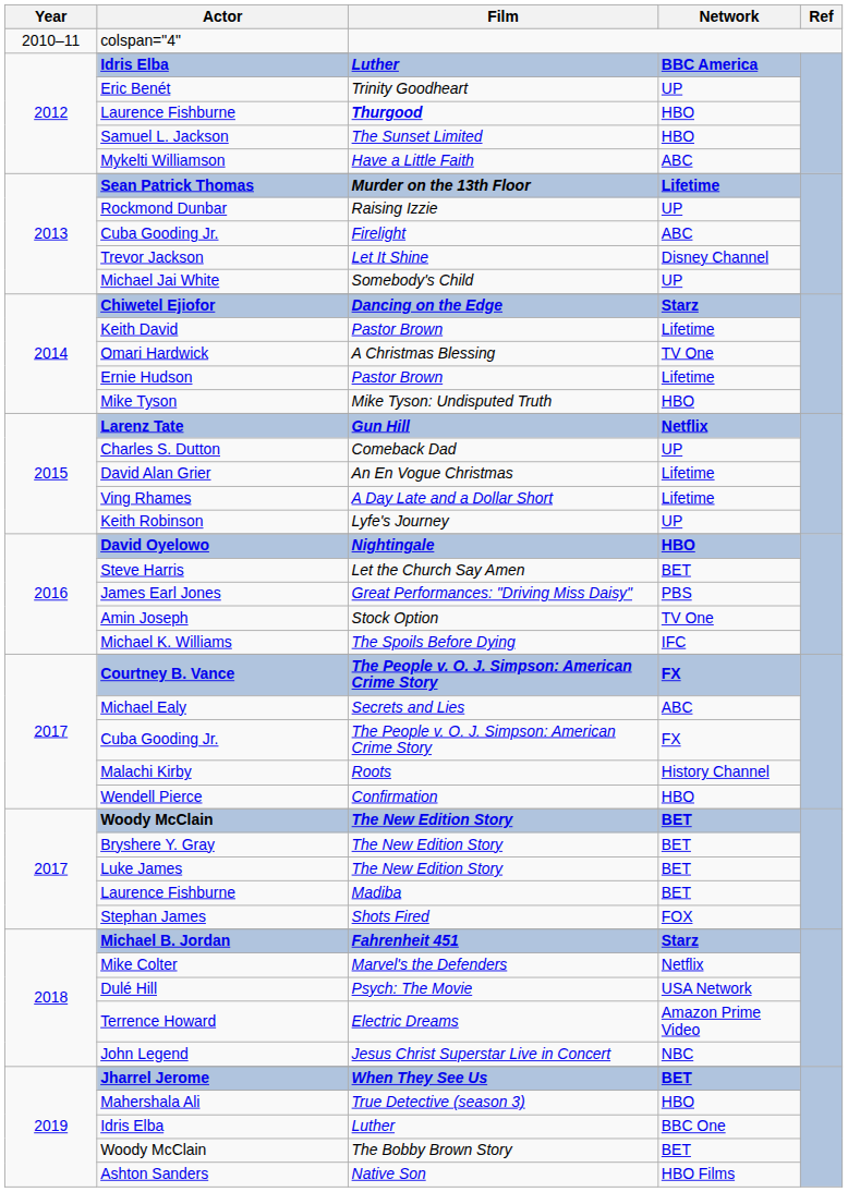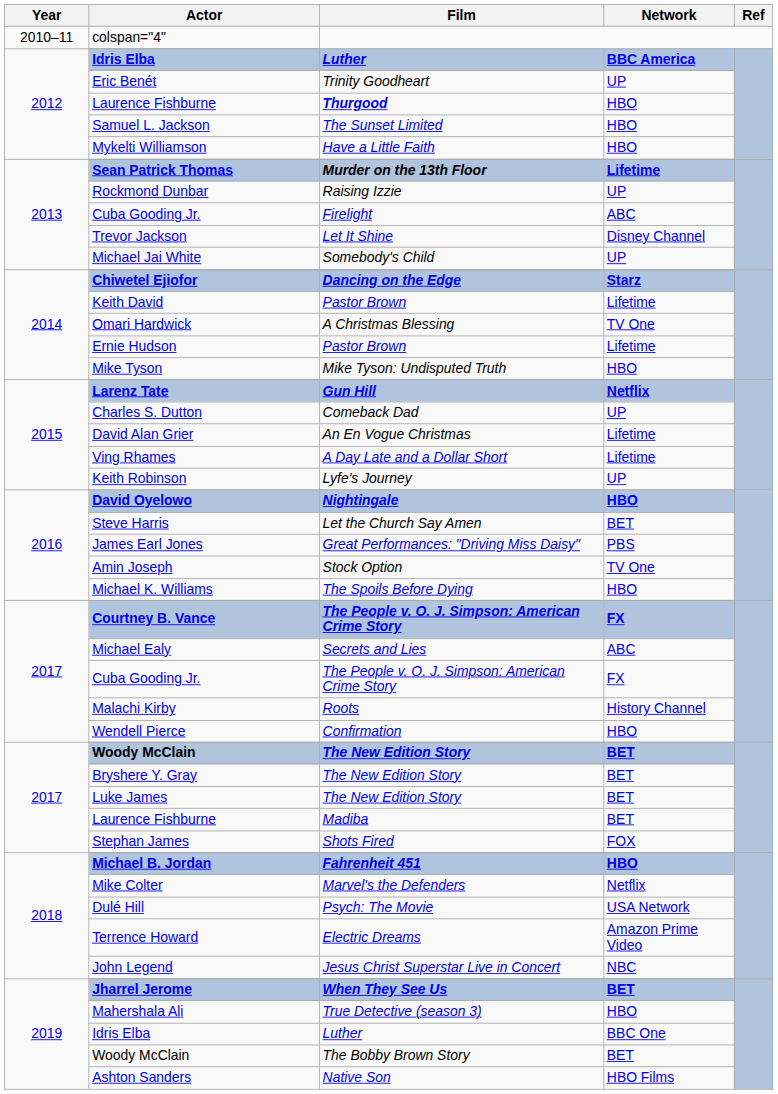 <table class="wikitable" style="width:100%;">
 <tr style="background:#bebebe;">
 <th style="width:11%;">Year</th>
 <th style="width:30%;">Actor</th>
 <th style="width:37%;">Film</th>
 <th style="width:17%;">Network</th>
 <th style="width:5%;">Ref</th>
 </tr>
 <tr>
 <td align="center">2010–11</td>
 <td>colspan="4" </td>
 </tr>
 <tr>
 <td rowspan="6" align="center"><a href='#'>2012</a></td>
 </tr>
 <tr style="background:#B0C4DE">
 <td><strong><a href='#'>Idris Elba</a></strong></td>
 <td><strong><em><a href='#'>Luther</a></em></strong></td>
 <td><strong><a href='#'>BBC America</a></strong></td>
 <td rowspan="6" align="center"></td>
 </tr>
 <tr>
 <td><a href='#'>Eric Benét</a></td>
 <td><em>Trinity Goodheart</em></td>
 <td><a href='#'>UP</a></td>
 </tr>
 <tr>
 <td><a href='#'>Laurence Fishburne</a></td>
 <td><strong><em><a href='#'>Thurgood</a></em></strong></td>
 <td><a href='#'>HBO</a></td>
 </tr>
 <tr>
 <td><a href='#'>Samuel L. Jackson</a></td>
 <td><em><a href='#'>The Sunset Limited</a></em></td>
 <td><a href='#'>HBO</a></td>
 </tr>
 <tr>
 <td><a href='#'>Mykelti Williamson</a></td>
 <td><em><a href='#'>Have a Little Faith</a></em></td>
-<td><a href='#'>ABC</a></td>
+<td><a href='#'>HBO</a></td>
 </tr>
 <tr>
 <td rowspan="6" align="center"><a href='#'>2013</a></td>
 </tr>
 <tr style="background:#B0C4DE">
 <td><strong><a href='#'>Sean Patrick Thomas</a></strong></td>
 <td><strong><em>Murder on the 13th Floor</em></strong></td>
 <td><strong><a href='#'>Lifetime</a></strong></td>
 <td rowspan="6" align="center"></td>
 </tr>
 <tr>
 <td><a href='#'>Rockmond Dunbar</a></td>
 <td><em>Raising Izzie</em></td>
 <td><a href='#'>UP</a></td>
 </tr>
 <tr>
 <td><a href='#'>Cuba Gooding Jr.</a></td>
 <td><em><a href='#'>Firelight</a></em></td>
 <td><a href='#'>ABC</a></td>
 </tr>
 <tr>
 <td><a href='#'>Trevor Jackson</a></td>
 <td><em><a href='#'>Let It Shine</a></em></td>
 <td><a href='#'>Disney Channel</a></td>
 </tr>
 <tr>
 <td><a href='#'>Michael Jai White</a></td>
 <td><em>Somebody's Child</em></td>
 <td><a href='#'>UP</a></td>
 </tr>
 <tr>
 <td rowspan="6" align="center"><a href='#'>2014</a></td>
 </tr>
 <tr style="background:#B0C4DE">
 <td><strong><a href='#'>Chiwetel Ejiofor</a></strong></td>
 <td><strong><em><a href='#'>Dancing on the Edge</a></em></strong></td>
 <td><strong><a href='#'>Starz</a></strong></td>
 <td rowspan="6" align="center"></td>
 </tr>
 <tr>
 <td><a href='#'>Keith David</a></td>
 <td><em><a href='#'>Pastor Brown</a></em></td>
 <td><a href='#'>Lifetime</a></td>
 </tr>
 <tr>
 <td><a href='#'>Omari Hardwick</a></td>
 <td><em>A Christmas Blessing</em></td>
 <td><a href='#'>TV One</a></td>
 </tr>
 <tr>
 <td><a href='#'>Ernie Hudson</a></td>
 <td><em><a href='#'>Pastor Brown</a></em></td>
 <td><a href='#'>Lifetime</a></td>
 </tr>
 <tr>
 <td><a href='#'>Mike Tyson</a></td>
 <td><em>Mike Tyson: Undisputed Truth</em></td>
 <td><a href='#'>HBO</a></td>
 </tr>
 <tr>
 <td rowspan="6" align="center"><a href='#'>2015</a></td>
 </tr>
 <tr style="background:#B0C4DE">
 <td><strong><a href='#'>Larenz Tate</a></strong></td>
 <td><strong><em><a href='#'>Gun Hill</a></em></strong></td>
 <td><strong><a href='#'>Netflix</a></strong></td>
 <td rowspan="6" align="center"></td>
 </tr>
 <tr>
 <td><a href='#'>Charles S. Dutton</a></td>
 <td><em>Comeback Dad</em></td>
 <td><a href='#'>UP</a></td>
 </tr>
 <tr>
 <td><a href='#'>David Alan Grier</a></td>
 <td><em>An En Vogue Christmas</em></td>
 <td><a href='#'>Lifetime</a></td>
 </tr>
 <tr>
 <td><a href='#'>Ving Rhames</a></td>
 <td><em><a href='#'>A Day Late and a Dollar Short</a></em></td>
 <td><a href='#'>Lifetime</a></td>
 </tr>
 <tr>
 <td><a href='#'>Keith Robinson</a></td>
 <td><em>Lyfe's Journey</em></td>
 <td><a href='#'>UP</a></td>
 </tr>
 <tr>
 <td rowspan="6" align="center"><a href='#'>2016</a></td>
 </tr>
 <tr style="background:#B0C4DE">
 <td><strong><a href='#'>David Oyelowo</a></strong></td>
 <td><strong><em><a href='#'>Nightingale</a></em></strong></td>
 <td><strong><a href='#'>HBO</a></strong></td>
 <td rowspan="6" align="center"></td>
 </tr>
 <tr>
 <td><a href='#'>Steve Harris</a></td>
 <td><em>Let the Church Say Amen</em></td>
 <td><a href='#'>BET</a></td>
 </tr>
 <tr>
 <td><a href='#'>James Earl Jones</a></td>
 <td><em><a href='#'>Great Performances: "Driving Miss Daisy"</a></em></td>
 <td><a href='#'>PBS</a></td>
 </tr>
 <tr>
 <td><a href='#'>Amin Joseph</a></td>
 <td><em>Stock Option</em></td>
 <td><a href='#'>TV One</a></td>
 </tr>
 <tr>
 <td><a href='#'>Michael K. Williams</a></td>
 <td><em><a href='#'>The Spoils Before Dying</a></em></td>
-<td><a href='#'>IFC</a></td>
+<td><a href='#'>HBO</a></td>
 </tr>
 <tr>
 <td rowspan="6" align="center"><a href='#'>2017</a></td>
 </tr>
 <tr style="background:#B0C4DE">
 <td><strong><a href='#'>Courtney B. Vance</a></strong></td>
 <td><strong><em><a href='#'>The People v. O. J. Simpson: American Crime Story</a></em></strong></td>
 <td><strong><a href='#'>FX</a></strong></td>
 <td rowspan="6" align="center"></td>
 </tr>
 <tr>
 <td><a href='#'>Michael Ealy</a></td>
 <td><em><a href='#'>Secrets and Lies</a></em></td>
 <td><a href='#'>ABC</a></td>
 </tr>
 <tr>
 <td><a href='#'>Cuba Gooding Jr.</a></td>
 <td><em><a href='#'>The People v. O. J. Simpson: American Crime Story</a></em></td>
 <td><a href='#'>FX</a></td>
 </tr>
 <tr>
 <td><a href='#'>Malachi Kirby</a></td>
 <td><em><a href='#'>Roots</a></em></td>
 <td><a href='#'>History Channel</a></td>
 </tr>
 <tr>
 <td><a href='#'>Wendell Pierce</a></td>
 <td><em><a href='#'>Confirmation</a></em></td>
 <td><a href='#'>HBO</a></td>
 </tr>
 <tr>
 <td rowspan="6" align="center"><a href='#'>2017</a></td>
 </tr>
 <tr style="background:#B0C4DE">
 <td><strong>Woody McClain</strong></td>
 <td><strong><em><a href='#'>The New Edition Story</a></em></strong></td>
 <td><strong><a href='#'>BET</a></strong></td>
 <td rowspan="6" align="center"></td>
 </tr>
 <tr>
 <td><a href='#'>Bryshere Y. Gray</a></td>
 <td><em><a href='#'>The New Edition Story</a></em></td>
 <td><a href='#'>BET</a></td>
 </tr>
 <tr>
 <td><a href='#'>Luke James</a></td>
 <td><em><a href='#'>The New Edition Story</a></em></td>
 <td><a href='#'>BET</a></td>
 </tr>
 <tr>
 <td><a href='#'>Laurence Fishburne</a></td>
 <td><em><a href='#'>Madiba</a></em></td>
 <td><a href='#'>BET</a></td>
 </tr>
 <tr>
 <td><a href='#'>Stephan James</a></td>
 <td><em><a href='#'>Shots Fired</a></em></td>
 <td><a href='#'>FOX</a></td>
 </tr>
 <tr>
 <td rowspan="6" align="center"><a href='#'>2018</a></td>
 </tr>
 <tr style="background:#B0C4DE">
 <td><strong><a href='#'>Michael B. Jordan</a></strong></td>
 <td><strong><em><a href='#'>Fahrenheit 451</a></em></strong></td>
-<td><strong><a href='#'>Starz</a></strong></td>
+<td><strong><a href='#'>HBO</a></strong></td>
 <td rowspan="6" align="center"></td>
 </tr>
 <tr>
 <td><a href='#'>Mike Colter</a></td>
 <td><em><a href='#'>Marvel's the Defenders</a></em></td>
 <td><a href='#'>Netflix</a></td>
 </tr>
 <tr>
 <td><a href='#'>Dulé Hill</a></td>
 <td><em><a href='#'>Psych: The Movie</a></em></td>
 <td><a href='#'>USA Network</a></td>
 </tr>
 <tr>
 <td><a href='#'>Terrence Howard</a></td>
 <td><em><a href='#'>Electric Dreams</a></em></td>
 <td><a href='#'>Amazon Prime Video</a></td>
 </tr>
 <tr>
 <td><a href='#'>John Legend</a></td>
 <td><em><a href='#'>Jesus Christ Superstar Live in Concert</a></em></td>
 <td><a href='#'>NBC</a></td>
 </tr>
 <tr>
 <td rowspan="6" align="center"><a href='#'>2019</a></td>
 </tr>
 <tr style="background:#B0C4DE">
 <td><strong><a href='#'>Jharrel Jerome</a></strong></td>
 <td><strong><em><a href='#'>When They See Us</a></em></strong></td>
 <td><strong><a href='#'>BET</a></strong></td>
 <td rowspan="6" align="center"></td>
 </tr>
 <tr>
 <td><a href='#'>Mahershala Ali</a></td>
 <td><em><a href='#'>True Detective (season 3)</a></em></td>
 <td><a href='#'>HBO</a></td>
 </tr>
 <tr>
 <td><a href='#'>Idris Elba</a></td>
 <td><em><a href='#'>Luther</a></em></td>
 <td><a href='#'>BBC One</a></td>
 </tr>
 <tr>
 <td>Woody McClain</td>
 <td><em>The Bobby Brown Story</em></td>
 <td><a href='#'>BET</a></td>
 </tr>
 <tr>
 <td><a href='#'>Ashton Sanders</a></td>
 <td><em><a href='#'>Native Son</a></em></td>
 <td><a href='#'>HBO Films</a></td>
 </tr>
 </table>
